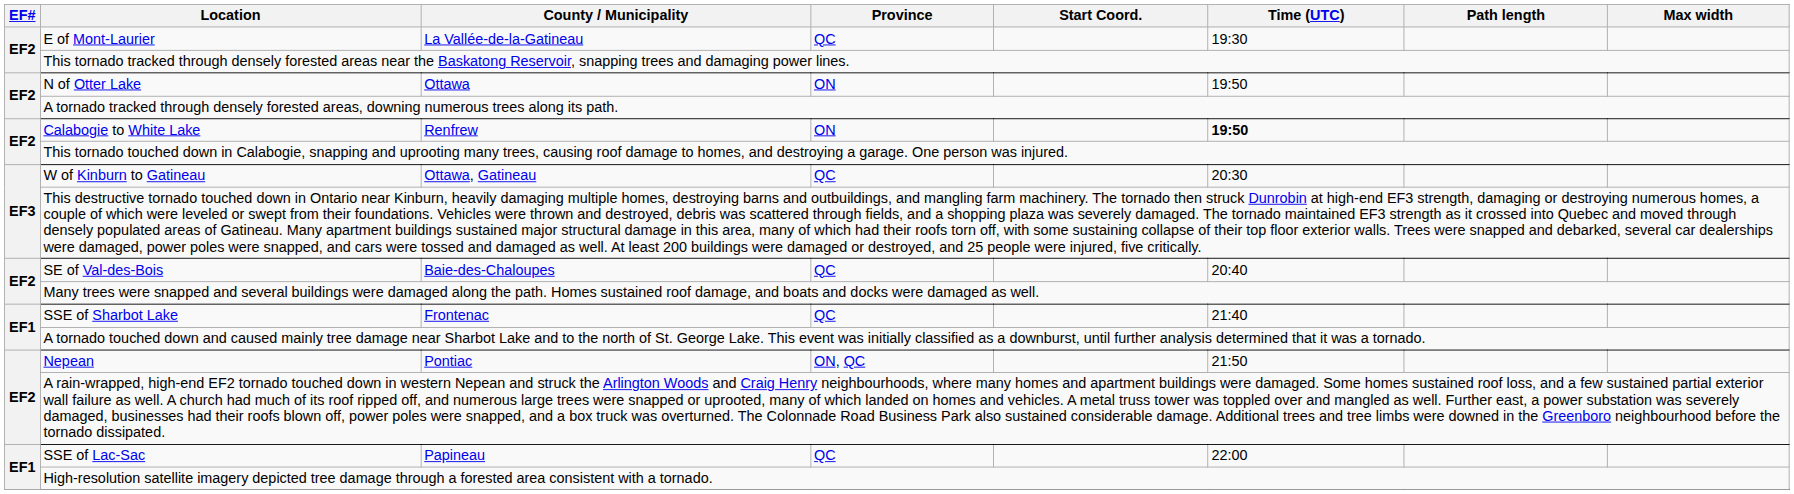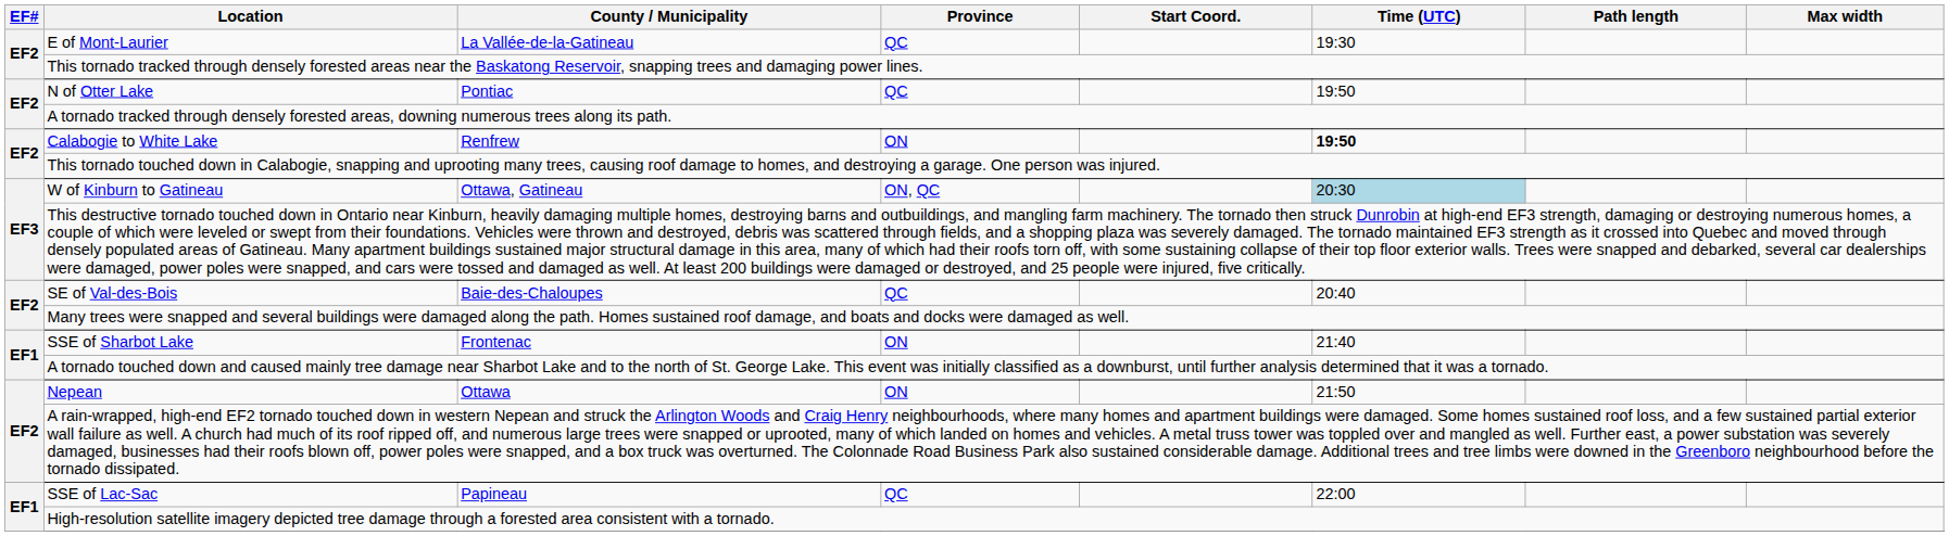 <table class="wikitable sortable" style="width:100%;">
 <tr>
 <th scope="col" width="2%" align="center"><a href='#'>EF#</a></th>
 <th scope="col" align="center" class="unsortable">Location</th>
 <th scope="col" align="center" class="unsortable">County / Municipality</th>
 <th scope="col" align="center">Province</th>
 <th scope="col" align="center">Start Coord.</th>
 <th scope="col" align="center">Time (<a href='#'>UTC</a>)</th>
 <th scope="col" align="center">Path length</th>
 <th scope="col" align="center">Max width</th>
 </tr>
 <tr>
 <th scope="row" rowspan="2" style="background-color:#">EF2</th>
 <td>E of <a href='#'>Mont-Laurier</a></td>
 <td><a href='#'>La Vallée-de-la-Gatineau</a></td>
 <td><a href='#'>QC</a></td>
 <td></td>
 <td>19:30</td>
 <td></td>
 <td></td>
 </tr>
 <tr class="expand-child">
 <td colspan="8" style=" border-bottom: 1px solid black;">This tornado tracked through densely forested areas near the <a href='#'>Baskatong Reservoir</a>, snapping trees and damaging power lines.</td>
 </tr>
 <tr>
 <th scope="row" rowspan="2" style="background-color:#">EF2</th>
 <td>N of <a href='#'>Otter Lake</a></td>
-<td><a href='#'>Ottawa</a></td>
-<td><a href='#'>ON</a></td>
+<td><a href='#'>Pontiac</a></td>
+<td><a href='#'>QC</a></td>
 <td></td>
 <td>19:50</td>
 <td></td>
 <td></td>
 </tr>
 <tr class="expand-child">
 <td colspan="8" style=" border-bottom: 1px solid black;">A tornado tracked through densely forested areas, downing numerous trees along its path.</td>
 </tr>
 <tr>
 <th scope="row" rowspan="2" style="background-color:#">EF2</th>
 <td><a href='#'>Calabogie</a> to <a href='#'>White Lake</a></td>
 <td><a href='#'>Renfrew</a></td>
 <td><a href='#'>ON</a></td>
 <td></td>
 <td><strong>19:50</strong></td>
 <td></td>
 <td></td>
 </tr>
 <tr class="expand-child">
 <td colspan="8" style=" border-bottom: 1px solid black;">This tornado touched down in Calabogie, snapping and uprooting many trees, causing roof damage to homes, and destroying a garage. One person was injured.</td>
 </tr>
 <tr>
 <th scope="row" rowspan="2" style="background-color:#">EF3</th>
 <td>W of <a href='#'>Kinburn</a> to <a href='#'>Gatineau</a></td>
 <td><a href='#'>Ottawa</a>, <a href='#'>Gatineau</a></td>
-<td><a href='#'>QC</a></td>
+<td><a href='#'>ON</a>, <a href='#'>QC</a></td>
 <td></td>
-<td>20:30</td>
+<td style="background: lightblue;">20:30</td>
 <td></td>
 <td></td>
 </tr>
 <tr class="expand-child">
 <td colspan="8" style=" border-bottom: 1px solid black;">This destructive tornado touched down in Ontario near Kinburn, heavily damaging multiple homes, destroying barns and outbuildings, and mangling farm machinery. The tornado then struck <a href='#'>Dunrobin</a> at high-end EF3 strength, damaging or destroying numerous homes, a couple of which were leveled or swept from their foundations. Vehicles were thrown and destroyed, debris was scattered through fields, and a shopping plaza was severely damaged. The tornado maintained EF3 strength as it crossed into Quebec and moved through densely populated areas of Gatineau. Many apartment buildings sustained major structural damage in this area, many of which had their roofs torn off, with some sustaining collapse of their top floor exterior walls. Trees were snapped and debarked, several car dealerships were damaged, power poles were snapped, and cars were tossed and damaged as well. At least 200 buildings were damaged or destroyed, and 25 people were injured, five critically.</td>
 </tr>
 <tr>
 <th scope="row" rowspan="2" style="background-color:#">EF2</th>
 <td>SE of <a href='#'>Val-des-Bois</a></td>
 <td><a href='#'>Baie-des-Chaloupes</a></td>
 <td><a href='#'>QC</a></td>
 <td></td>
 <td>20:40</td>
 <td></td>
 <td></td>
 </tr>
 <tr class="expand-child">
 <td colspan="8" style=" border-bottom: 1px solid black;">Many trees were snapped and several buildings were damaged along the path. Homes sustained roof damage, and boats and docks were damaged as well.</td>
 </tr>
 <tr>
 <th scope="row" rowspan="2" style="background-color:#">EF1</th>
 <td>SSE of <a href='#'>Sharbot Lake</a></td>
 <td><a href='#'>Frontenac</a></td>
-<td><a href='#'>QC</a></td>
+<td><a href='#'>ON</a></td>
 <td></td>
 <td>21:40</td>
 <td></td>
 <td></td>
 </tr>
 <tr class="expand-child">
 <td colspan="8" style=" border-bottom: 1px solid black;">A tornado touched down and caused mainly tree damage near Sharbot Lake and to the north of St. George Lake. This event was initially classified as a downburst, until further analysis determined that it was a tornado.</td>
 </tr>
 <tr>
 <th scope="row" rowspan="2" style="background-color:#">EF2</th>
 <td><a href='#'>Nepean</a></td>
-<td><a href='#'>Pontiac</a></td>
-<td><a href='#'>ON</a>, <a href='#'>QC</a></td>
+<td><a href='#'>Ottawa</a></td>
+<td><a href='#'>ON</a></td>
 <td></td>
 <td>21:50</td>
 <td></td>
 <td></td>
 </tr>
 <tr class="expand-child">
 <td colspan="8" style=" border-bottom: 1px solid black;">A rain-wrapped, high-end EF2 tornado touched down in western Nepean and struck the <a href='#'>Arlington Woods</a> and <a href='#'>Craig Henry</a> neighbourhoods, where many homes and apartment buildings were damaged. Some homes sustained roof loss, and a few sustained partial exterior wall failure as well. A church had much of its roof ripped off, and numerous large trees were snapped or uprooted, many of which landed on homes and vehicles. A metal truss tower was toppled over and mangled as well. Further east, a power substation was severely damaged, businesses had their roofs blown off, power poles were snapped, and a box truck was overturned. The Colonnade Road Business Park also sustained considerable damage. Additional trees and tree limbs were downed in the <a href='#'>Greenboro</a> neighbourhood before the tornado dissipated.</td>
 </tr>
 <tr>
 <th scope="row" rowspan="2" style="background-color:#">EF1</th>
 <td>SSE of <a href='#'>Lac-Sac</a></td>
 <td><a href='#'>Papineau</a></td>
 <td><a href='#'>QC</a></td>
 <td></td>
 <td>22:00</td>
 <td></td>
 <td></td>
 </tr>
 <tr class="expand-child">
 <td colspan="8" style=" border-bottom: 1px solid black;">High-resolution satellite imagery depicted tree damage through a forested area consistent with a tornado.</td>
 </tr>
 <tr>
 </tr>
 </table>
